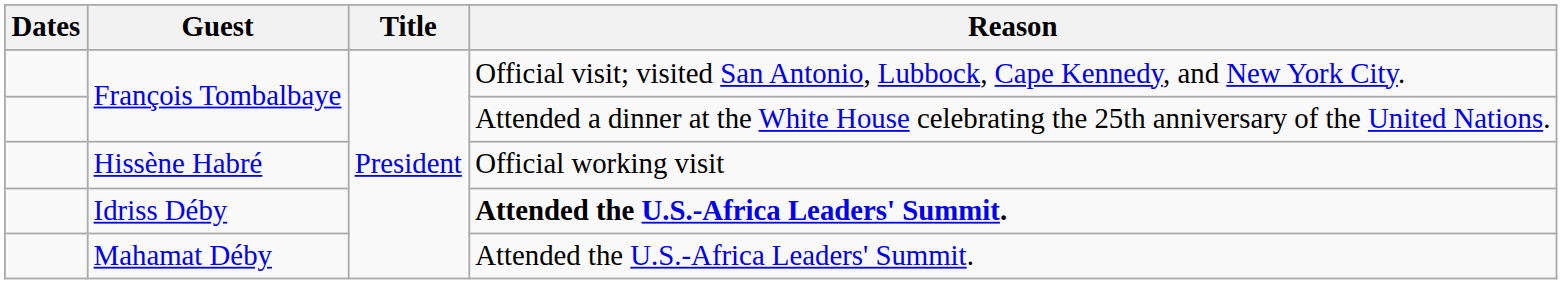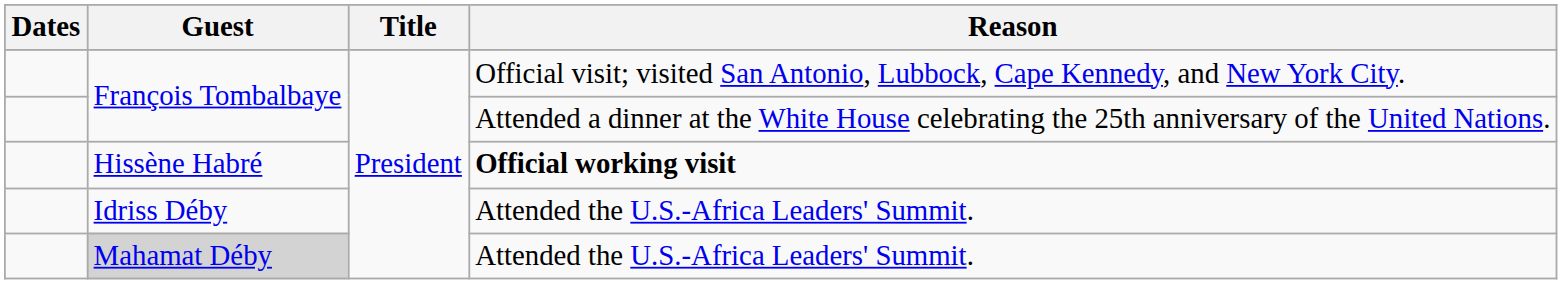 <table class="wikitable sortable">
 <tr>
 <th>Dates</th>
 <th>Guest</th>
 <th>Title</th>
 <th>Reason</th>
 </tr>
 <tr>
 <td></td>
 <td rowspan=2><a href='#'>François Tombalbaye</a></td>
 <td rowspan=5><a href='#'>President</a></td>
 <td>Official visit; visited <a href='#'>San Antonio</a>, <a href='#'>Lubbock</a>, <a href='#'>Cape Kennedy</a>, and <a href='#'>New York City</a>.</td>
 </tr>
 <tr>
 <td></td>
 <td>Attended a dinner at the <a href='#'>White House</a> celebrating the 25th anniversary of the <a href='#'>United Nations</a>.</td>
 </tr>
 <tr>
 <td></td>
 <td><a href='#'>Hissène Habré</a></td>
-<td>Official working visit</td>
+<td><strong>Official working visit</strong></td>
 </tr>
 <tr>
 <td></td>
 <td><a href='#'>Idriss Déby</a></td>
-<td><strong>Attended the <a href='#'>U.S.-Africa Leaders' Summit</a>.</strong></td>
+<td>Attended the <a href='#'>U.S.-Africa Leaders' Summit</a>.</td>
 </tr>
 <tr>
 <td></td>
-<td><a href='#'>Mahamat Déby</a></td>
+<td style="background: lightgrey;"><a href='#'>Mahamat Déby</a></td>
 <td>Attended the <a href='#'>U.S.-Africa Leaders' Summit</a>.</td>
 </tr>
 </table>
